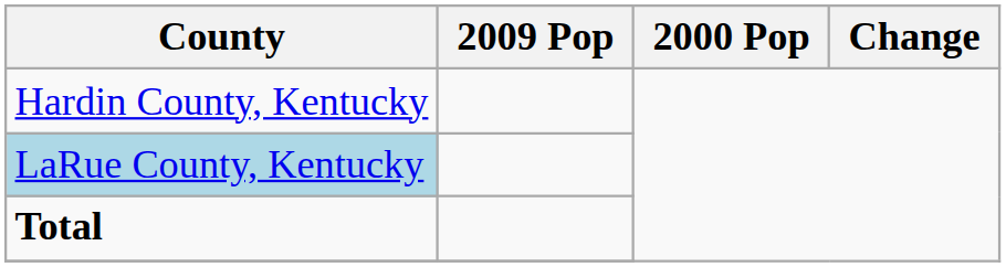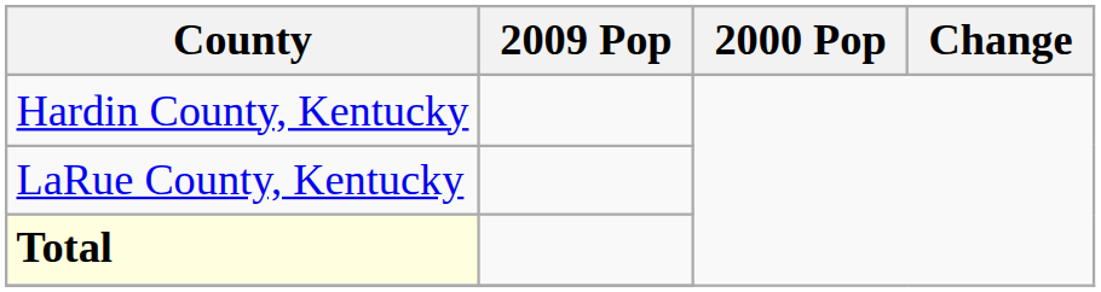 <table class=wikitable>
 <tr>
 <th>County</th>
 <th> 2009 Pop </th>
 <th> 2000 Pop </th>
 <th> Change </th>
 </tr>
 <tr>
 <td><a href='#'>Hardin County, Kentucky</a></td>
 <td></td>
 </tr>
 <tr>
-<td style="background: lightblue;"><a href='#'>LaRue County, Kentucky</a></td>
+<td><a href='#'>LaRue County, Kentucky</a></td>
 <td></td>
 </tr>
 <tr>
-<td><strong>Total</strong></td>
+<td style="background: lightyellow;"><strong>Total</strong></td>
 <td></td>
 </tr>
 <tr>
 </tr>
 </table>
